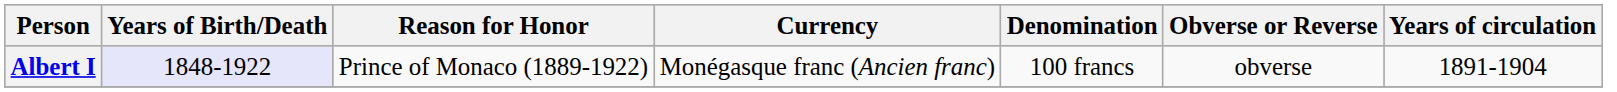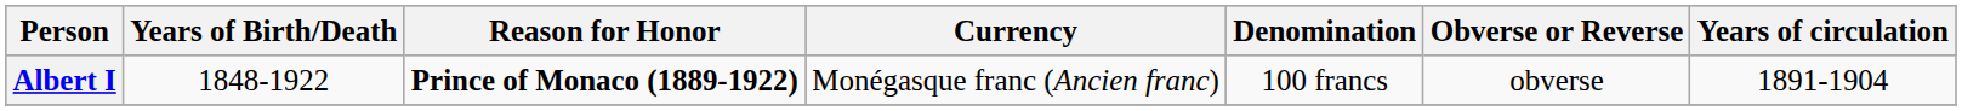 <table class="wikitable" style="font-size:95%; text-align:center;">
 <tr>
 <th>Person</th>
 <th>Years of Birth/Death</th>
 <th>Reason for Honor</th>
 <th>Currency</th>
 <th>Denomination</th>
 <th>Obverse or Reverse</th>
 <th>Years of circulation</th>
 </tr>
 <tr>
 <th><a href='#'>Albert I</a></th>
-<td style="background: lavender;">1848-1922</td>
-<td>Prince of Monaco (1889-1922)</td>
+<td>1848-1922</td>
+<td><strong>Prince of Monaco (1889-1922)</strong></td>
 <td>Monégasque franc (<em>Ancien franc</em>)</td>
 <td>100 francs</td>
 <td>obverse</td>
 <td>1891-1904</td>
 </tr>
 <tr>
 </tr>
 </table>
